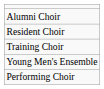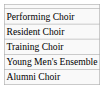 <table class="wikitable">
 <tr Tour Choir>
 <td></td>
 </tr>
 <tr>
-<td>Alumni Choir</td>
+<td>Performing Choir</td>
 </tr>
 <tr>
 <td>Resident Choir</td>
 </tr>
 <tr>
 <td>Training Choir</td>
 </tr>
 <tr>
 <td>Young Men's Ensemble</td>
 </tr>
 <tr>
-<td>Performing Choir</td>
+<td>Alumni Choir</td>
 </tr>
 </table>
